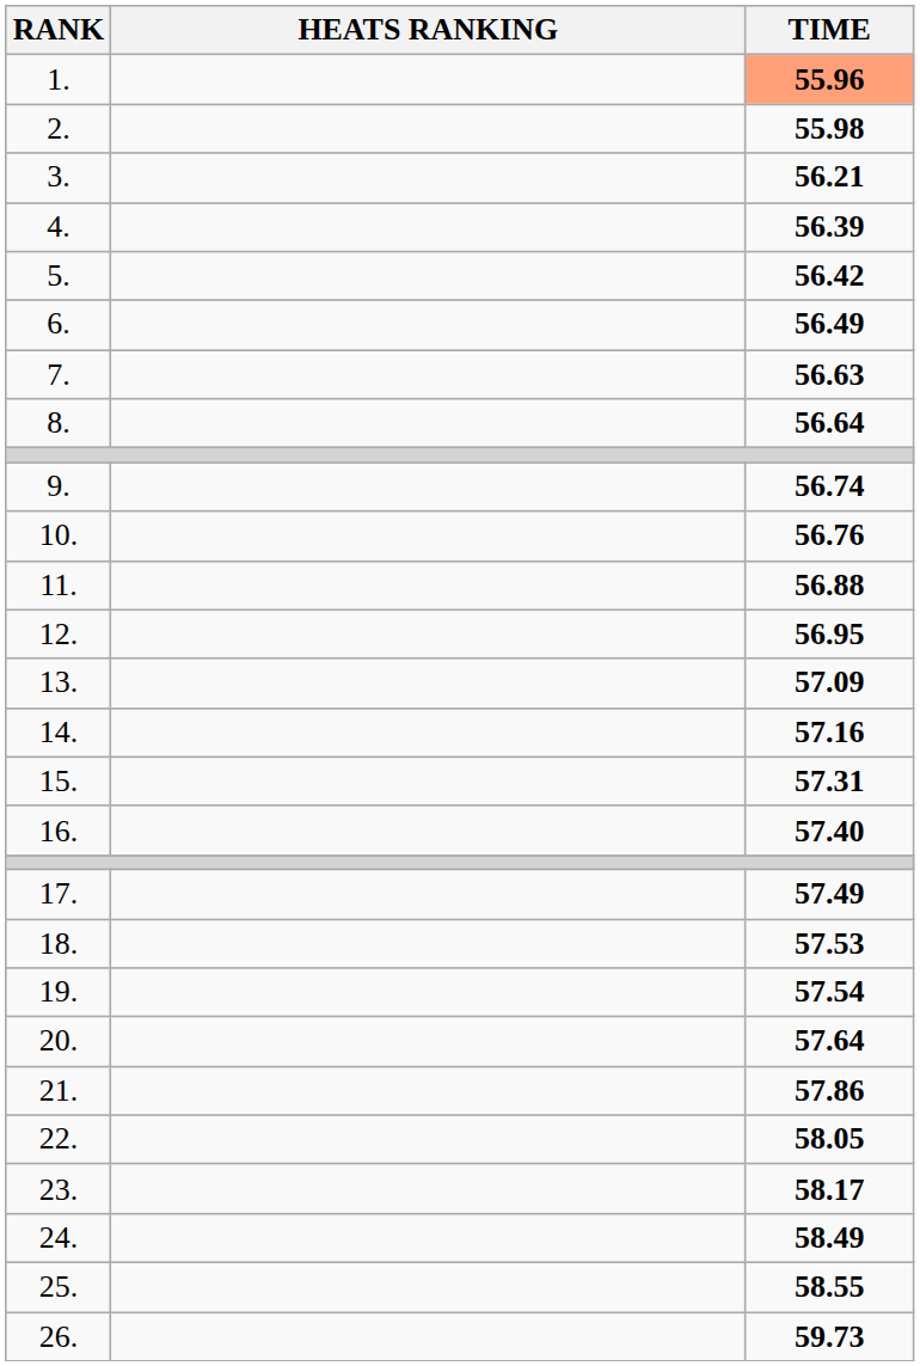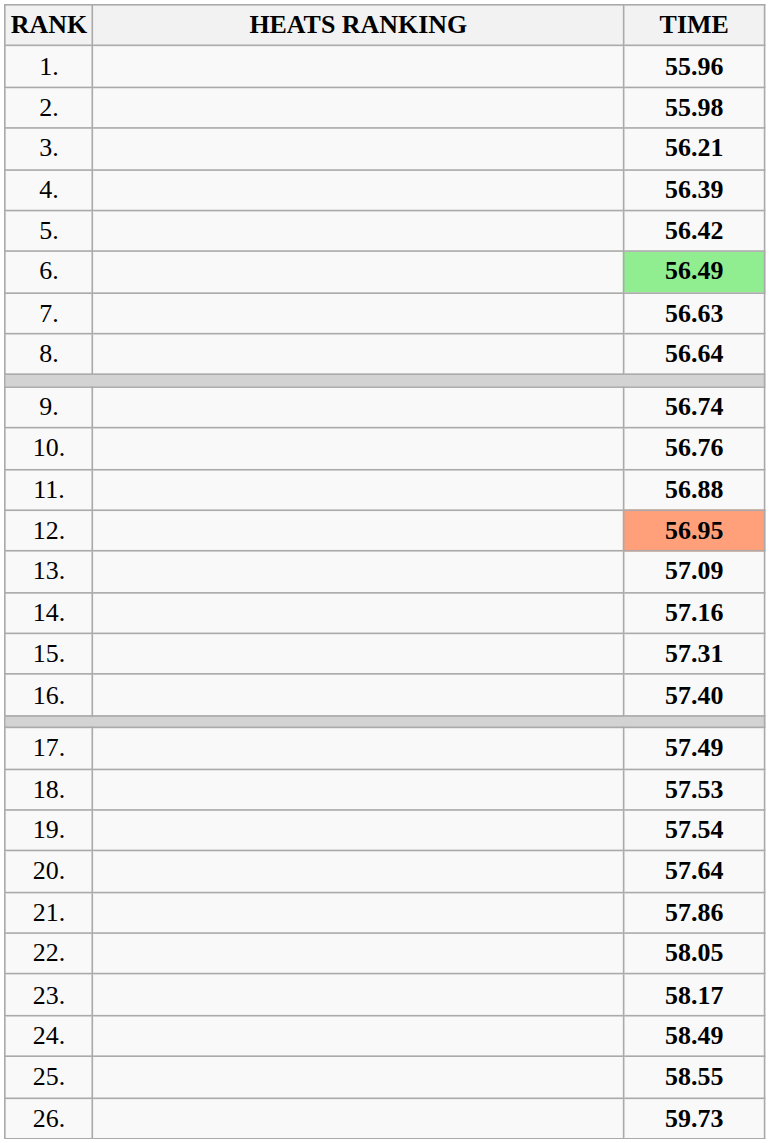 <table class="wikitable">
 <tr>
 <th>RANK</th>
 <th style="width: 20em">HEATS RANKING</th>
 <th style="width: 5em">TIME</th>
 </tr>
 <tr>
 <td align="center">1.</td>
 <td></td>
-<td align="center" style="background: lightsalmon;"><strong>55.96</strong></td>
+<td align="center"><strong>55.96</strong></td>
 </tr>
 <tr>
 <td align="center">2.</td>
 <td></td>
 <td align="center"><strong>55.98</strong></td>
 </tr>
 <tr>
 <td align="center">3.</td>
 <td></td>
 <td align="center"><strong>56.21</strong></td>
 </tr>
 <tr>
 <td align="center">4.</td>
 <td></td>
 <td align="center"><strong>56.39</strong></td>
 </tr>
 <tr>
 <td align="center">5.</td>
 <td></td>
 <td align="center"><strong>56.42</strong></td>
 </tr>
 <tr>
 <td align="center">6.</td>
 <td></td>
-<td align="center"><strong>56.49</strong></td>
+<td align="center" style="background: lightgreen;"><strong>56.49</strong></td>
 </tr>
 <tr>
 <td align="center">7.</td>
 <td></td>
 <td align="center"><strong>56.63</strong></td>
 </tr>
 <tr>
 <td align="center">8.</td>
 <td></td>
 <td align="center"><strong>56.64</strong></td>
 </tr>
 <tr>
 <td colspan=3 bgcolor=lightgray></td>
 </tr>
 <tr>
 <td align="center">9.</td>
 <td></td>
 <td align="center"><strong>56.74</strong></td>
 </tr>
 <tr>
 <td align="center">10.</td>
 <td></td>
 <td align="center"><strong>56.76</strong></td>
 </tr>
 <tr>
 <td align="center">11.</td>
 <td></td>
 <td align="center"><strong>56.88</strong></td>
 </tr>
 <tr>
 <td align="center">12.</td>
 <td></td>
-<td align="center"><strong>56.95</strong></td>
+<td align="center" style="background: lightsalmon;"><strong>56.95</strong></td>
 </tr>
 <tr>
 <td align="center">13.</td>
 <td></td>
 <td align="center"><strong>57.09</strong></td>
 </tr>
 <tr>
 <td align="center">14.</td>
 <td></td>
 <td align="center"><strong>57.16</strong></td>
 </tr>
 <tr>
 <td align="center">15.</td>
 <td></td>
 <td align="center"><strong>57.31</strong></td>
 </tr>
 <tr>
 <td align="center">16.</td>
 <td></td>
 <td align="center"><strong>57.40</strong></td>
 </tr>
 <tr>
 <td colspan=3 bgcolor=lightgray></td>
 </tr>
 <tr>
 <td align="center">17.</td>
 <td></td>
 <td align="center"><strong>57.49</strong></td>
 </tr>
 <tr>
 <td align="center">18.</td>
 <td></td>
 <td align="center"><strong>57.53</strong></td>
 </tr>
 <tr>
 <td align="center">19.</td>
 <td></td>
 <td align="center"><strong>57.54</strong></td>
 </tr>
 <tr>
 <td align="center">20.</td>
 <td></td>
 <td align="center"><strong>57.64</strong></td>
 </tr>
 <tr>
 <td align="center">21.</td>
 <td></td>
 <td align="center"><strong>57.86</strong></td>
 </tr>
 <tr>
 <td align="center">22.</td>
 <td></td>
 <td align="center"><strong>58.05</strong></td>
 </tr>
 <tr>
 <td align="center">23.</td>
 <td></td>
 <td align="center"><strong>58.17</strong></td>
 </tr>
 <tr>
 <td align="center">24.</td>
 <td></td>
 <td align="center"><strong>58.49</strong></td>
 </tr>
 <tr>
 <td align="center">25.</td>
 <td></td>
 <td align="center"><strong>58.55</strong></td>
 </tr>
 <tr>
 <td align="center">26.</td>
 <td></td>
 <td align="center"><strong>59.73</strong></td>
 </tr>
 </table>
